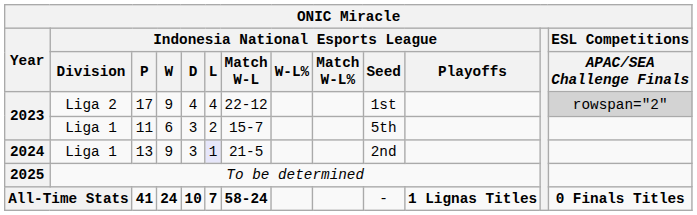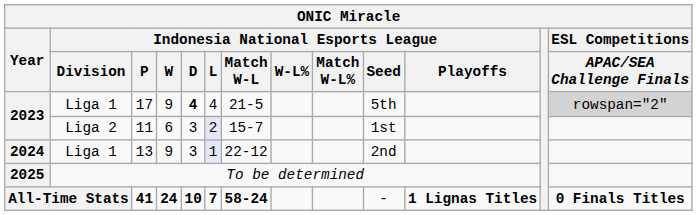 <table class="wikitable" style="font-size:80%; text-align:center;">
 <tr>
 <th colspan="13"> ONIC Miracle</th>
 </tr>
 <tr>
 <th rowspan="2">Year</th>
 <th colspan="10">Indonesia National Esports League</th>
 <th rowspan="16"></th>
 <th>ESL Competitions</th>
 </tr>
 <tr>
 <th>Division</th>
 <th>P</th>
 <th>W</th>
 <th>D</th>
 <th>L</th>
 <th>Match <br> W-L</th>
 <th>W-L%</th>
 <th>Match <br> W-L%</th>
 <th>Seed</th>
 <th>Playoffs</th>
 <th><em>APAC/SEA <br> Challenge Finals</em></th>
 </tr>
 <tr>
 <th rowspan ="2">2023</th>
-<td>Liga 2</td>
+<td>Liga 1</td>
 <td>17</td>
 <td>9</td>
+<td><strong>4</strong></td>
 <td>4</td>
-<td>4</td>
-<td>22-12</td>
+<td>21-5</td>
 <td></td>
 <td></td>
-<td>1st</td>
+<td>5th</td>
 <td></td>
 <td style="background: lightgrey;">rowspan="2" </td>
 </tr>
 <tr>
-<td>Liga 1</td>
+<td>Liga 2</td>
 <td>11</td>
 <td>6</td>
 <td>3</td>
-<td>2</td>
+<td style="background: lavender;">2</td>
 <td>15-7</td>
 <td></td>
 <td></td>
-<td>5th</td>
+<td>1st</td>
 <td></td>
 </tr>
 <tr>
 <th>2024</th>
 <td>Liga 1</td>
 <td>13</td>
 <td>9</td>
 <td>3</td>
 <td style="background: lavender;">1</td>
-<td>21-5</td>
+<td>22-12</td>
 <td></td>
 <td></td>
 <td>2nd</td>
 <td></td>
 <td></td>
 </tr>
 <tr>
 <th>2025</th>
 <td colspan="10"><em>To be determined</em></td>
 <td></td>
 </tr>
 <tr>
 <th colspan="2">All-Time Stats</th>
 <td><strong>41</strong></td>
 <td><strong>24</strong></td>
 <td><strong>10</strong></td>
 <td><strong>7</strong></td>
 <td><strong>58-24</strong></td>
 <td></td>
 <td></td>
 <td>-</td>
 <td style="text-align:center;"><strong>1 Lignas Titles</strong></td>
 <td style="text-align:center;"><strong>0 Finals Titles</strong></td>
 </tr>
 </table>
